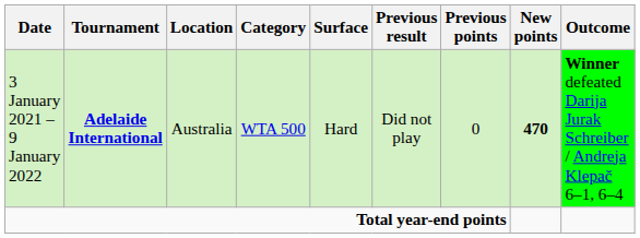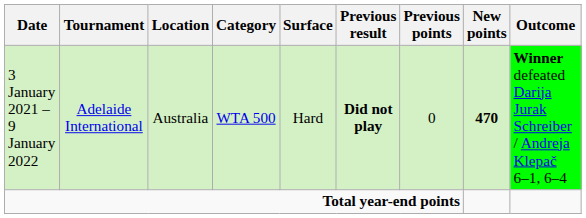 <table class="wikitable">
 <tr>
 <th>Date</th>
 <th>Tournament</th>
 <th>Location</th>
 <th>Category</th>
 <th>Surface</th>
 <th>Previous<br>result</th>
 <th>Previous<br>points</th>
 <th>New<br>points</th>
 <th>Outcome</th>
 </tr>
 <tr style="background:#d4f1c5">
 <td>3 January 2021 –<br>9 January 2022</td>
-<td style="text-align:center"><strong><a href='#'>Adelaide International</a></strong></td>
+<td style="text-align:center"><a href='#'>Adelaide International</a></td>
 <td style="text-align:center">Australia</td>
 <td style="text-align:center"><a href='#'>WTA 500</a></td>
 <td style="text-align:center">Hard</td>
-<td style="text-align:center">Did not play</td>
+<td style="text-align:center"><strong>Did not play</strong></td>
 <td style="text-align:center">0</td>
 <td style="text-align:center"><strong>470</strong></td>
 <td style="background:lime"><strong>Winner</strong> defeated  <a href='#'>Darija Jurak Schreiber</a> /  <a href='#'>Andreja Klepač</a><br>6–1, 6–4</td>
 </tr>
 <tr>
 <td colspan="7" style="text-align:right"><strong>Total year-end points</strong></td>
 <td style="text-align:center"></td>
 <td></td>
 </tr>
 </table>
